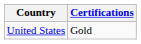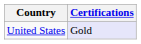 <table class="wikitable">
 <tr>
 <th>Country</th>
 <th><a href='#'>Certifications</a></th>
 </tr>
 <tr>
 <td><a href='#'>United States</a></td>
-<td>Gold</td>
+<td style="background: lavender;">Gold</td>
 </tr>
 </table>
